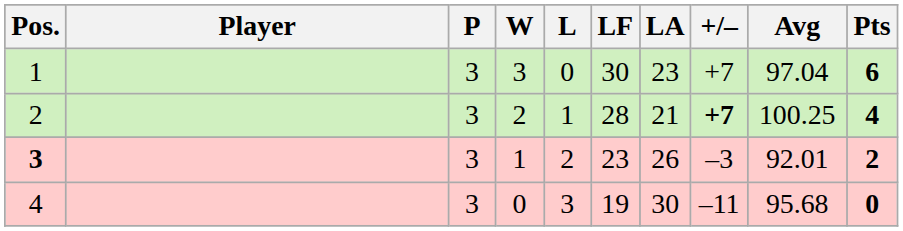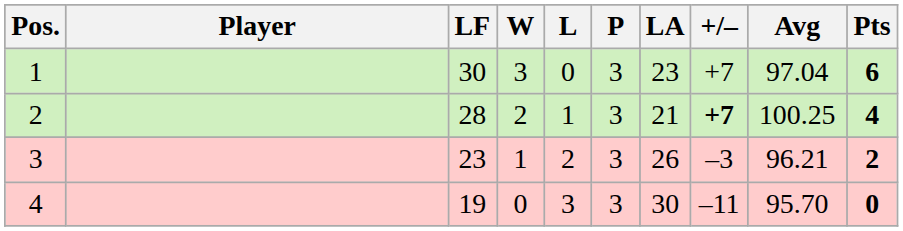 <table class="wikitable" style="text-align:center; margin: 1em auto 1em auto, align:left">
 <tr>
 <th width=20>Pos.</th>
 <th width=212>Player</th>
-<th width=20>P</th>
+<th width=20>LF</th>
 <th width=20>W</th>
 <th width=20>L</th>
-<th width=20>LF</th>
+<th width=20>P</th>
 <th width=20>LA</th>
 <th width=25>+/–</th>
 <th width=50>Avg</th>
 <th width=20>Pts</th>
 </tr>
 <tr style="background:#D0F0C0;">
 <td>1</td>
 <td align=left></td>
-<td>3</td>
+<td>30</td>
 <td>3</td>
 <td>0</td>
-<td>30</td>
+<td>3</td>
 <td>23</td>
 <td>+7</td>
 <td>97.04</td>
 <td><strong>6</strong></td>
 </tr>
 <tr style="background:#D0F0C0;">
 <td>2</td>
 <td align=left></td>
-<td>3</td>
+<td>28</td>
 <td>2</td>
 <td>1</td>
-<td>28</td>
+<td>3</td>
 <td>21</td>
 <td><strong>+7</strong></td>
 <td>100.25</td>
 <td><strong>4</strong></td>
 </tr>
 <tr style="background:#FFCCCC;">
-<td><strong>3</strong></td>
+<td>3</td>
 <td align=left></td>
-<td>3</td>
+<td>23</td>
 <td>1</td>
 <td>2</td>
-<td>23</td>
+<td>3</td>
 <td>26</td>
 <td>–3</td>
-<td>92.01</td>
+<td>96.21</td>
 <td><strong>2</strong></td>
 </tr>
 <tr style="background:#FFCCCC;">
 <td>4</td>
 <td align=left></td>
-<td>3</td>
+<td>19</td>
 <td>0</td>
 <td>3</td>
-<td>19</td>
+<td>3</td>
 <td>30</td>
 <td>–11</td>
-<td>95.68</td>
+<td>95.70</td>
 <td><strong>0</strong></td>
 </tr>
 </table>
